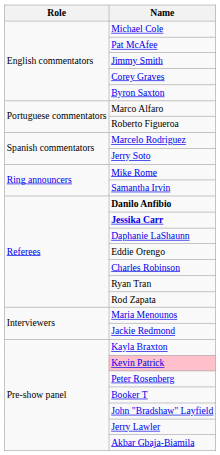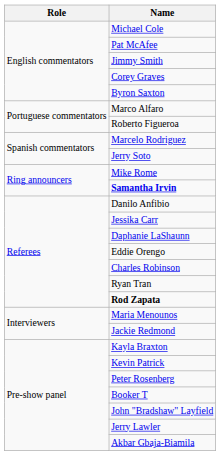 <table class=wikitable style="font-size:90%; margin: 0.5em 0 0.5em 1em; float: right; clear: right;">
 <tr>
 <th>Role</th>
 <th>Name</th>
 </tr>
 <tr>
 <td rowspan="5">English commentators</td>
 <td><a href='#'>Michael Cole</a> </td>
 </tr>
 <tr>
 <td><a href='#'>Pat McAfee</a> </td>
 </tr>
 <tr>
 <td><a href='#'>Jimmy Smith</a> </td>
 </tr>
 <tr>
 <td><a href='#'>Corey Graves</a> </td>
 </tr>
 <tr>
 <td><a href='#'>Byron Saxton</a> </td>
 </tr>
 <tr>
 <td rowspan=2>Portuguese commentators</td>
 <td>Marco Alfaro</td>
 </tr>
 <tr>
 <td>Roberto Figueroa</td>
 </tr>
 <tr>
 <td rowspan="2">Spanish commentators</td>
 <td><a href='#'>Marcelo Rodriguez</a></td>
 </tr>
 <tr>
 <td><a href='#'>Jerry Soto</a></td>
 </tr>
 <tr>
 <td rowspan="2"><a href='#'>Ring announcers</a></td>
 <td><a href='#'>Mike Rome</a> </td>
 </tr>
 <tr>
-<td><a href='#'>Samantha Irvin</a> </td>
+<td><strong><a href='#'>Samantha Irvin</a> </strong></td>
 </tr>
 <tr>
 <td rowspan="7"><a href='#'>Referees</a></td>
-<td><strong>Danilo Anfibio</strong></td>
+<td>Danilo Anfibio</td>
 </tr>
 <tr>
-<td><strong><a href='#'>Jessika Carr</a></strong></td>
+<td><a href='#'>Jessika Carr</a></td>
 </tr>
 <tr>
 <td><a href='#'>Daphanie LaShaunn</a></td>
 </tr>
 <tr>
 <td>Eddie Orengo</td>
 </tr>
 <tr>
 <td><a href='#'>Charles Robinson</a></td>
 </tr>
 <tr>
 <td>Ryan Tran</td>
 </tr>
 <tr>
-<td>Rod Zapata</td>
+<td><strong>Rod Zapata</strong></td>
 </tr>
 <tr>
 <td rowspan=2>Interviewers</td>
 <td><a href='#'>Maria Menounos</a></td>
 </tr>
 <tr>
 <td><a href='#'>Jackie Redmond</a></td>
 </tr>
 <tr>
 <td rowspan="7">Pre-show panel</td>
 <td><a href='#'>Kayla Braxton</a></td>
 </tr>
 <tr>
-<td style="background: pink;"><a href='#'>Kevin Patrick</a></td>
+<td><a href='#'>Kevin Patrick</a></td>
 </tr>
 <tr>
 <td><a href='#'>Peter Rosenberg</a></td>
 </tr>
 <tr>
 <td><a href='#'>Booker T</a></td>
 </tr>
 <tr>
 <td><a href='#'>John "Bradshaw" Layfield</a></td>
 </tr>
 <tr>
 <td><a href='#'>Jerry Lawler</a></td>
 </tr>
 <tr>
 <td><a href='#'>Akbar Gbaja-Biamila</a></td>
 </tr>
 </table>
